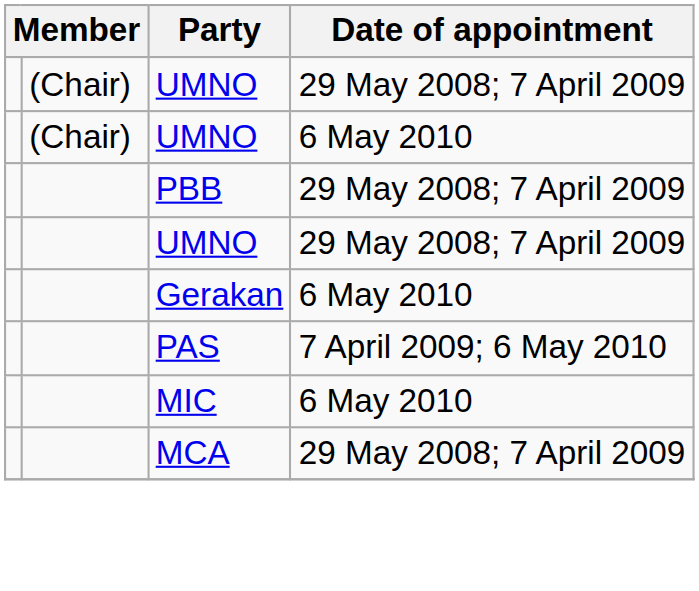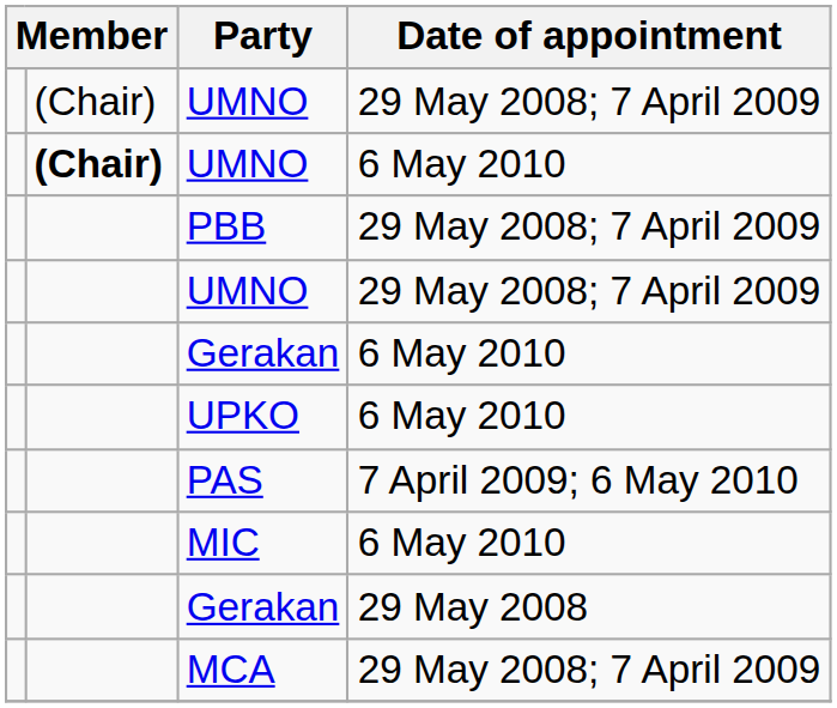 <table class="sortable wikitable">
 <tr>
 <th colspan="2" valign="top">Member</th>
 <th valign="top">Party</th>
 <th valign="top">Date of appointment</th>
 </tr>
 <tr>
 <td></td>
 <td> (Chair)</td>
 <td><a href='#'>UMNO</a></td>
 <td>29 May 2008; 7 April 2009</td>
 </tr>
 <tr>
 <td></td>
-<td> (Chair)</td>
+<td><strong> (Chair)</strong></td>
 <td><a href='#'>UMNO</a></td>
 <td>6 May 2010</td>
 </tr>
 <tr>
 <td></td>
 <td></td>
 <td><a href='#'>PBB</a></td>
 <td>29 May 2008; 7 April 2009</td>
 </tr>
 <tr>
 <td></td>
 <td></td>
 <td><a href='#'>UMNO</a></td>
 <td>29 May 2008; 7 April 2009</td>
 </tr>
 <tr>
 <td></td>
 <td></td>
 <td><a href='#'>Gerakan</a></td>
 <td>6 May 2010</td>
 </tr>
 <tr>
 <td></td>
 <td></td>
+<td><a href='#'>UPKO</a></td>
+<td>6 May 2010</td>
+</tr>
+<tr>
+<td></td>
+<td></td>
 <td><a href='#'>PAS</a></td>
 <td>7 April 2009; 6 May 2010</td>
 </tr>
 <tr>
 <td></td>
 <td></td>
 <td><a href='#'>MIC</a></td>
 <td>6 May 2010</td>
 </tr>
 <tr>
 <td></td>
 <td></td>
+<td><a href='#'>Gerakan</a></td>
+<td>29 May 2008</td>
+</tr>
+<tr>
+<td></td>
+<td></td>
 <td><a href='#'>MCA</a></td>
 <td>29 May 2008; 7 April 2009</td>
 </tr>
 <tr>
 </tr>
 </table>
